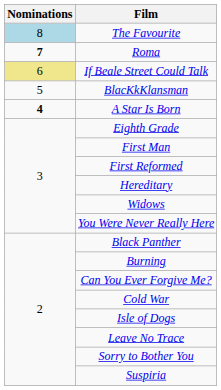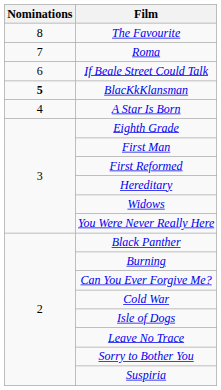 <table class="wikitable plainrowheaders" style="text-align:center;">
 <tr>
 <th scope="col" style="width:55px;">Nominations</th>
 <th scope="col" style="text-align:center;">Film</th>
 </tr>
 <tr>
-<td scope=row style="background: lightblue; text-align:center">8</td>
+<td scope=row style="text-align:center">8</td>
 <td><em><a href='#'>The Favourite</a></em></td>
 </tr>
 <tr>
-<td scope=row style="text-align:center"><strong>7</strong></td>
+<td scope=row style="text-align:center">7</td>
 <td><em><a href='#'>Roma</a></em></td>
 </tr>
 <tr>
-<td scope=row style="background: khaki; text-align:center">6</td>
+<td scope=row style="text-align:center">6</td>
 <td><em><a href='#'>If Beale Street Could Talk</a></em></td>
 </tr>
 <tr>
-<td scope=row style="text-align:center">5</td>
+<td scope=row style="text-align:center"><strong>5</strong></td>
 <td><em><a href='#'>BlacKkKlansman</a></em></td>
 </tr>
 <tr>
-<td scope=row style="text-align:center"><strong>4</strong></td>
+<td scope=row style="text-align:center">4</td>
 <td><em><a href='#'>A Star Is Born</a></em></td>
 </tr>
 <tr>
 <td scope=row style="text-align:center" rowspan="6">3</td>
 <td><em><a href='#'>Eighth Grade</a></em></td>
 </tr>
 <tr>
 <td><em><a href='#'>First Man</a></em></td>
 </tr>
 <tr>
 <td><em><a href='#'>First Reformed</a></em></td>
 </tr>
 <tr>
 <td><em><a href='#'>Hereditary</a></em></td>
 </tr>
 <tr>
 <td><em><a href='#'>Widows</a></em></td>
 </tr>
 <tr>
 <td><em><a href='#'>You Were Never Really Here</a></em></td>
 </tr>
 <tr>
 <td scope=row style="text-align:center" rowspan="8">2</td>
 <td><em><a href='#'>Black Panther</a></em></td>
 </tr>
 <tr>
 <td><em><a href='#'>Burning</a></em></td>
 </tr>
 <tr>
 <td><em><a href='#'>Can You Ever Forgive Me?</a></em></td>
 </tr>
 <tr>
 <td><em><a href='#'>Cold War</a></em></td>
 </tr>
 <tr>
 <td><em><a href='#'>Isle of Dogs</a></em></td>
 </tr>
 <tr>
 <td><em><a href='#'>Leave No Trace</a></em></td>
 </tr>
 <tr>
 <td><em><a href='#'>Sorry to Bother You</a></em></td>
 </tr>
 <tr>
 <td><em><a href='#'>Suspiria</a></em></td>
 </tr>
 </table>
